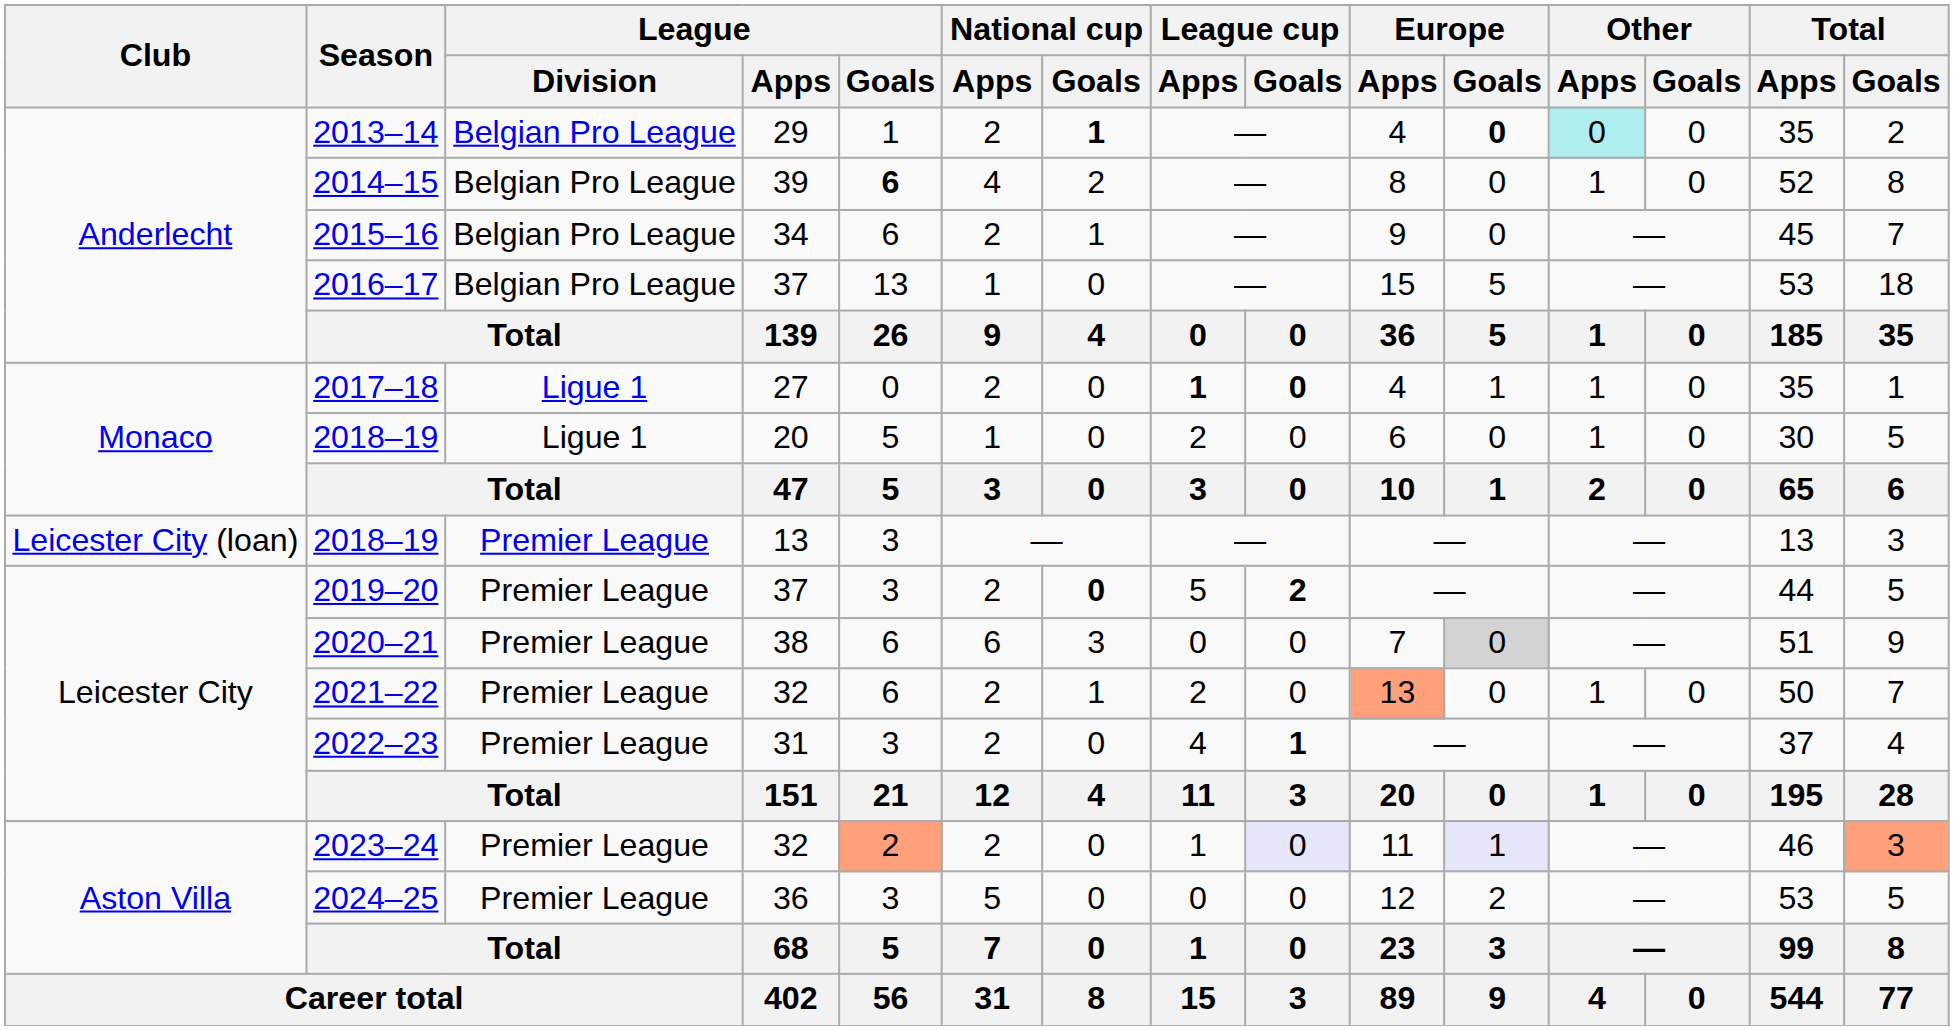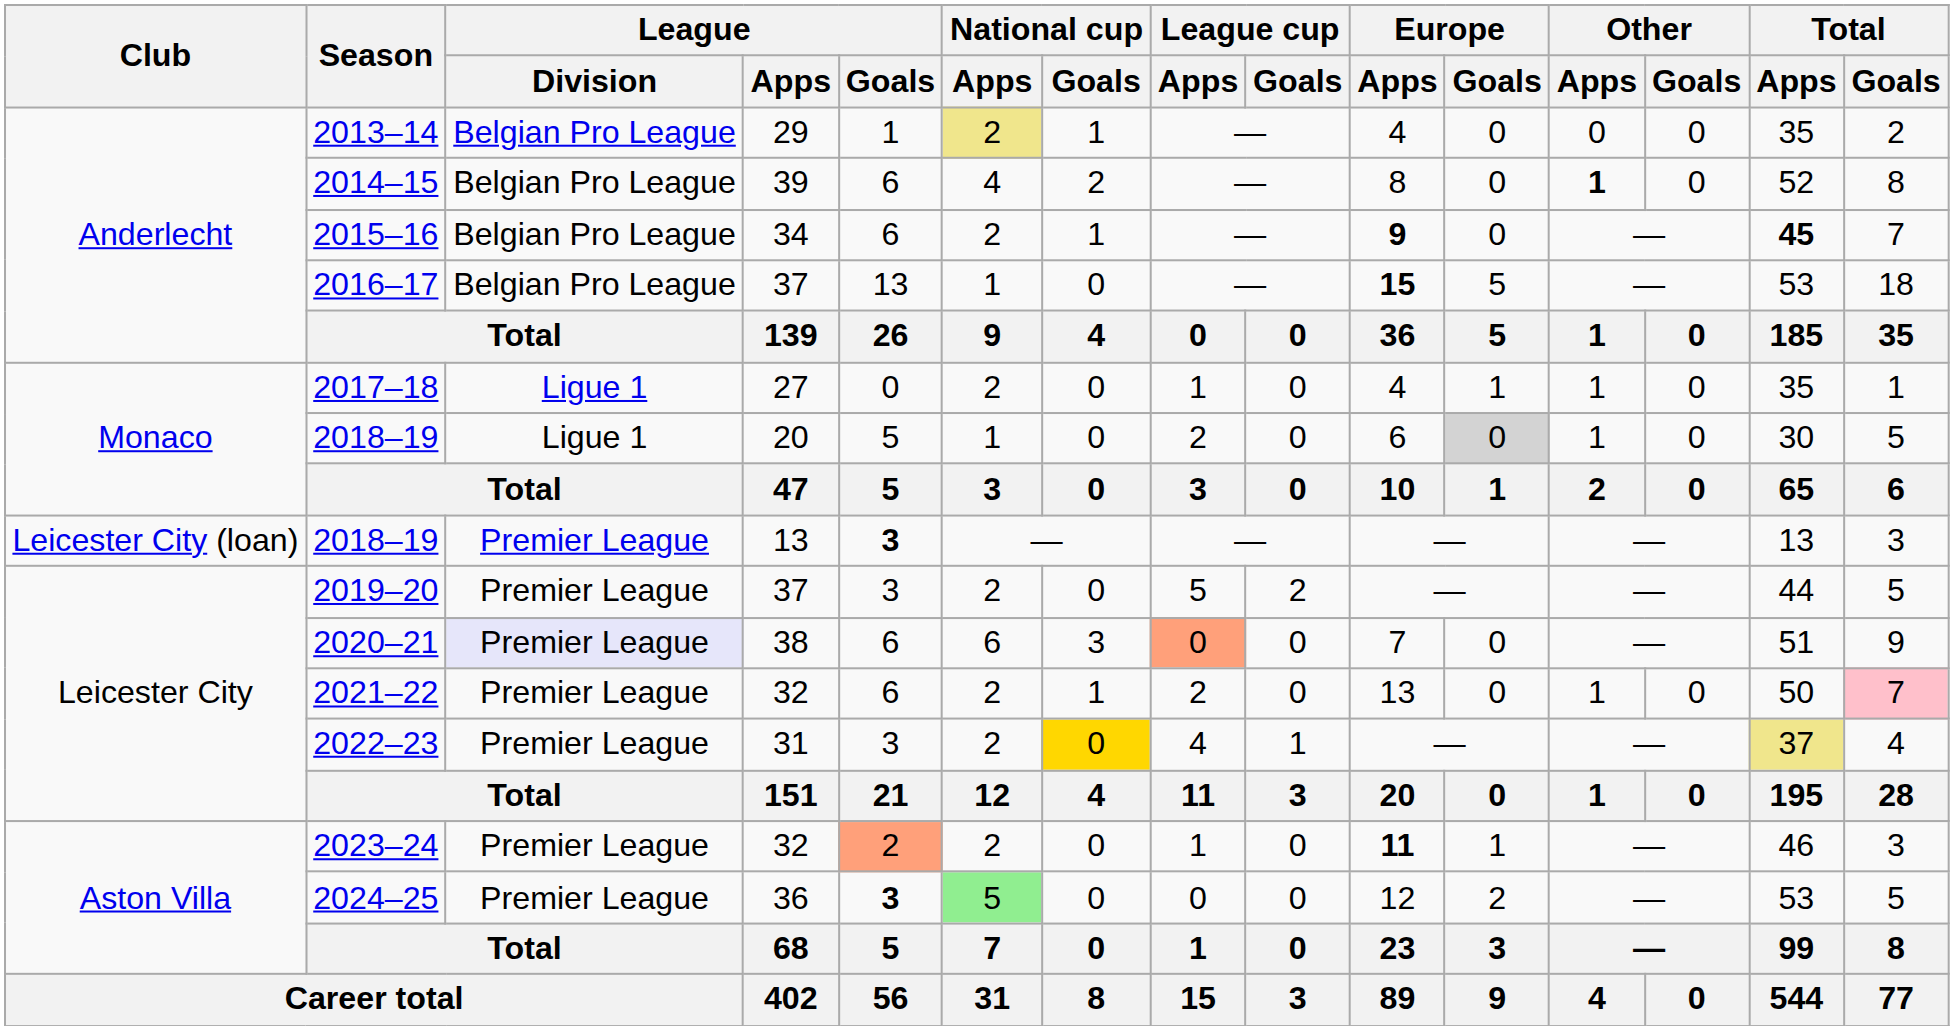 <table class="wikitable" style="text-align:center">
 <tr>
 <th rowspan="2">Club</th>
 <th rowspan="2">Season</th>
 <th colspan="3">League</th>
 <th colspan="2">National cup</th>
 <th colspan="2">League cup</th>
 <th colspan="2">Europe</th>
 <th colspan="2">Other</th>
 <th colspan="2">Total</th>
 </tr>
 <tr>
 <th>Division</th>
 <th>Apps</th>
 <th>Goals</th>
 <th>Apps</th>
 <th>Goals</th>
 <th>Apps</th>
 <th>Goals</th>
 <th>Apps</th>
 <th>Goals</th>
 <th>Apps</th>
 <th>Goals</th>
 <th>Apps</th>
 <th>Goals</th>
 </tr>
 <tr>
 <td rowspan="5"><a href='#'>Anderlecht</a></td>
 <td><a href='#'>2013–14</a></td>
 <td><a href='#'>Belgian Pro League</a></td>
 <td>29</td>
 <td>1</td>
-<td>2</td>
-<td><strong>1</strong></td>
+<td style="background: khaki;">2</td>
+<td>1</td>
 <td colspan=2>—</td>
 <td>4</td>
-<td><strong>0</strong></td>
-<td style="background: paleturquoise;">0</td>
+<td>0</td>
+<td>0</td>
 <td>0</td>
 <td>35</td>
 <td>2</td>
 </tr>
 <tr>
 <td><a href='#'>2014–15</a></td>
 <td>Belgian Pro League</td>
 <td>39</td>
-<td><strong>6</strong></td>
+<td>6</td>
 <td>4</td>
 <td>2</td>
 <td colspan=2>—</td>
 <td>8</td>
 <td>0</td>
-<td>1</td>
+<td><strong>1</strong></td>
 <td>0</td>
 <td>52</td>
 <td>8</td>
 </tr>
 <tr>
 <td><a href='#'>2015–16</a></td>
 <td>Belgian Pro League</td>
 <td>34</td>
 <td>6</td>
 <td>2</td>
 <td>1</td>
 <td colspan=2>—</td>
-<td>9</td>
+<td><strong>9</strong></td>
 <td>0</td>
 <td colspan=2>—</td>
-<td>45</td>
+<td><strong>45</strong></td>
 <td>7</td>
 </tr>
 <tr>
 <td><a href='#'>2016–17</a></td>
 <td>Belgian Pro League</td>
 <td>37</td>
 <td>13</td>
 <td>1</td>
 <td>0</td>
 <td colspan=2>—</td>
-<td>15</td>
+<td><strong>15</strong></td>
 <td>5</td>
 <td colspan=2>—</td>
 <td>53</td>
 <td>18</td>
 </tr>
 <tr>
 <th colspan="2">Total</th>
 <th>139</th>
 <th>26</th>
 <th>9</th>
 <th>4</th>
 <th>0</th>
 <th>0</th>
 <th>36</th>
 <th>5</th>
 <th>1</th>
 <th>0</th>
 <th>185</th>
 <th>35</th>
 </tr>
 <tr>
 <td rowspan="3"><a href='#'>Monaco</a></td>
 <td><a href='#'>2017–18</a></td>
 <td><a href='#'>Ligue 1</a></td>
 <td>27</td>
 <td>0</td>
 <td>2</td>
 <td>0</td>
-<td><strong>1</strong></td>
-<td><strong>0</strong></td>
+<td>1</td>
+<td>0</td>
 <td>4</td>
 <td>1</td>
 <td>1</td>
 <td>0</td>
 <td>35</td>
 <td>1</td>
 </tr>
 <tr>
 <td><a href='#'>2018–19</a></td>
 <td>Ligue 1</td>
 <td>20</td>
 <td>5</td>
 <td>1</td>
 <td>0</td>
 <td>2</td>
 <td>0</td>
 <td>6</td>
-<td>0</td>
+<td style="background: lightgrey;">0</td>
 <td>1</td>
 <td>0</td>
 <td>30</td>
 <td>5</td>
 </tr>
 <tr>
 <th colspan="2">Total</th>
 <th>47</th>
 <th>5</th>
 <th>3</th>
 <th>0</th>
 <th>3</th>
 <th>0</th>
 <th>10</th>
 <th>1</th>
 <th>2</th>
 <th>0</th>
 <th>65</th>
 <th>6</th>
 </tr>
 <tr>
 <td><a href='#'>Leicester City</a> (loan)</td>
 <td><a href='#'>2018–19</a></td>
 <td><a href='#'>Premier League</a></td>
 <td>13</td>
-<td>3</td>
+<td><strong>3</strong></td>
 <td colspan="2">—</td>
 <td colspan="2">—</td>
 <td colspan="2">—</td>
 <td colspan="2">—</td>
 <td>13</td>
 <td>3</td>
 </tr>
 <tr>
 <td rowspan="5">Leicester City</td>
 <td><a href='#'>2019–20</a></td>
 <td>Premier League</td>
 <td>37</td>
 <td>3</td>
 <td>2</td>
-<td><strong>0</strong></td>
+<td>0</td>
 <td>5</td>
-<td><strong>2</strong></td>
+<td>2</td>
 <td colspan="2">—</td>
 <td colspan="2">—</td>
 <td>44</td>
 <td>5</td>
 </tr>
 <tr>
 <td><a href='#'>2020–21</a></td>
-<td>Premier League</td>
+<td style="background: lavender;">Premier League</td>
 <td>38</td>
 <td>6</td>
 <td>6</td>
 <td>3</td>
-<td>0</td>
+<td style="background: lightsalmon;">0</td>
 <td>0</td>
 <td>7</td>
-<td style="background: lightgrey;">0</td>
+<td>0</td>
 <td colspan="2">—</td>
 <td>51</td>
 <td>9</td>
 </tr>
 <tr>
 <td><a href='#'>2021–22</a></td>
 <td>Premier League</td>
 <td>32</td>
 <td>6</td>
 <td>2</td>
 <td>1</td>
 <td>2</td>
 <td>0</td>
-<td style="background: lightsalmon;">13</td>
+<td>13</td>
 <td>0</td>
 <td>1</td>
 <td>0</td>
 <td>50</td>
-<td>7</td>
+<td style="background: pink;">7</td>
 </tr>
 <tr>
 <td><a href='#'>2022–23</a></td>
 <td>Premier League</td>
 <td>31</td>
 <td>3</td>
 <td>2</td>
-<td>0</td>
+<td style="background: gold;">0</td>
 <td>4</td>
-<td><strong>1</strong></td>
+<td>1</td>
 <td colspan="2">—</td>
 <td colspan="2">—</td>
-<td>37</td>
+<td style="background: khaki;">37</td>
 <td>4</td>
 </tr>
 <tr>
 <th colspan="2">Total</th>
 <th>151</th>
 <th>21</th>
 <th>12</th>
 <th>4</th>
 <th>11</th>
 <th>3</th>
 <th>20</th>
 <th>0</th>
 <th>1</th>
 <th>0</th>
 <th>195</th>
 <th>28</th>
 </tr>
 <tr>
 <td rowspan="3"><a href='#'>Aston Villa</a></td>
 <td><a href='#'>2023–24</a></td>
 <td>Premier League</td>
 <td>32</td>
 <td style="background: lightsalmon;">2</td>
 <td>2</td>
 <td>0</td>
 <td>1</td>
-<td style="background: lavender;">0</td>
-<td>11</td>
-<td style="background: lavender;">1</td>
+<td>0</td>
+<td><strong>11</strong></td>
+<td>1</td>
 <td colspan="2">—</td>
 <td>46</td>
-<td style="background: lightsalmon;">3</td>
+<td>3</td>
 </tr>
 <tr>
 <td><a href='#'>2024–25</a></td>
 <td>Premier League</td>
 <td>36</td>
-<td>3</td>
-<td>5</td>
+<td><strong>3</strong></td>
+<td style="background: lightgreen;">5</td>
 <td>0</td>
 <td>0</td>
 <td>0</td>
 <td>12</td>
 <td>2</td>
 <td colspan="2">—</td>
 <td>53</td>
 <td>5</td>
 </tr>
 <tr>
 <th colspan="2">Total</th>
 <th>68</th>
 <th>5</th>
 <th>7</th>
 <th>0</th>
 <th>1</th>
 <th>0</th>
 <th>23</th>
 <th>3</th>
 <th colspan="2">—</th>
 <th>99</th>
 <th>8</th>
 </tr>
 <tr>
 <th colspan="3">Career total</th>
 <th>402</th>
 <th>56</th>
 <th>31</th>
 <th>8</th>
 <th>15</th>
 <th>3</th>
 <th>89</th>
 <th>9</th>
 <th>4</th>
 <th>0</th>
 <th>544</th>
 <th>77</th>
 </tr>
 </table>
